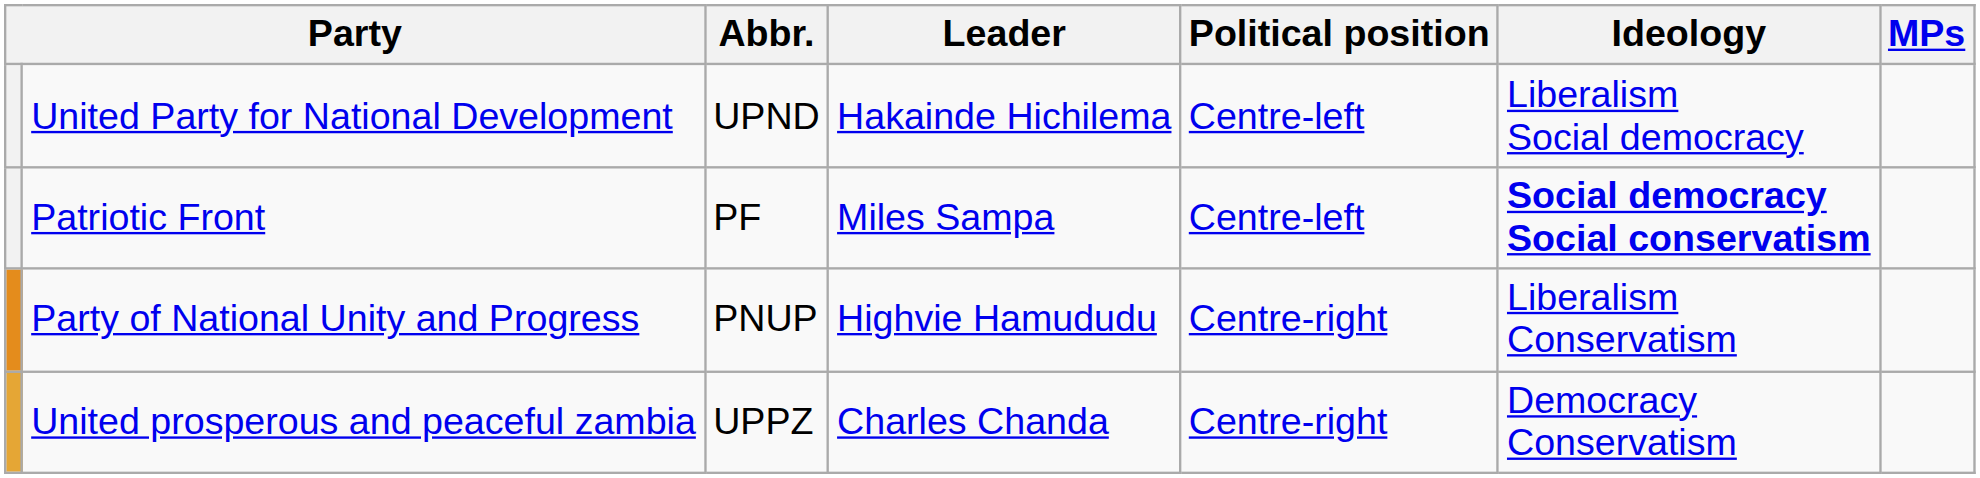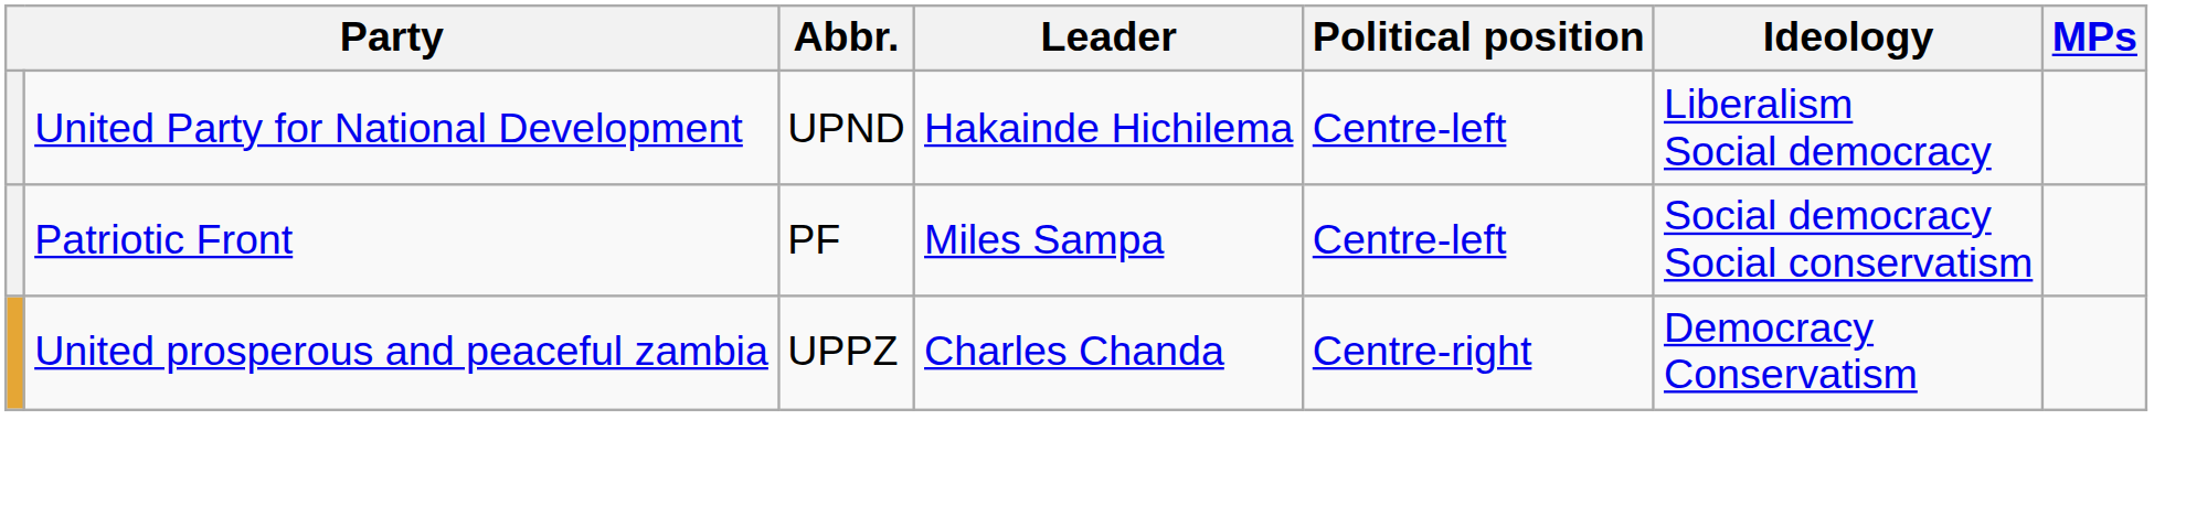 <table class="wikitable">
 <tr>
 <th colspan=2>Party</th>
 <th>Abbr.</th>
 <th>Leader</th>
 <th>Political position</th>
 <th>Ideology</th>
 <th><a href='#'>MPs</a></th>
 </tr>
 <tr>
 <th style="background-color: "></th>
 <td><a href='#'>United Party for National Development</a></td>
 <td>UPND</td>
 <td><a href='#'>Hakainde Hichilema</a></td>
 <td><a href='#'>Centre-left</a></td>
 <td><a href='#'>Liberalism</a><br><a href='#'>Social democracy</a></td>
 <td></td>
 </tr>
 <tr>
 <th style="background-color: "></th>
 <td><a href='#'>Patriotic Front</a></td>
 <td>PF</td>
 <td><a href='#'>Miles Sampa</a></td>
 <td><a href='#'>Centre-left</a></td>
-<td><strong><a href='#'>Social democracy</a><br><a href='#'>Social conservatism</a></strong></td>
-<td></td>
-</tr>
-<tr>
-<th style="background-color:#e48c1c"></th>
-<td><a href='#'>Party of National Unity and Progress</a></td>
-<td>PNUP</td>
-<td><a href='#'>Highvie Hamududu</a></td>
-<td><a href='#'>Centre-right</a></td>
-<td><a href='#'>Liberalism</a><br><a href='#'>Conservatism</a></td>
+<td><a href='#'>Social democracy</a><br><a href='#'>Social conservatism</a></td>
 <td></td>
 </tr>
 <tr>
 <th style="background-color:#e5a635"></th>
 <td><a href='#'>United prosperous and peaceful zambia</a></td>
 <td>UPPZ</td>
 <td><a href='#'>Charles Chanda</a></td>
 <td><a href='#'>Centre-right</a></td>
 <td><a href='#'>Democracy</a><br><a href='#'>Conservatism</a></td>
 <td></td>
 </tr>
 </table>
